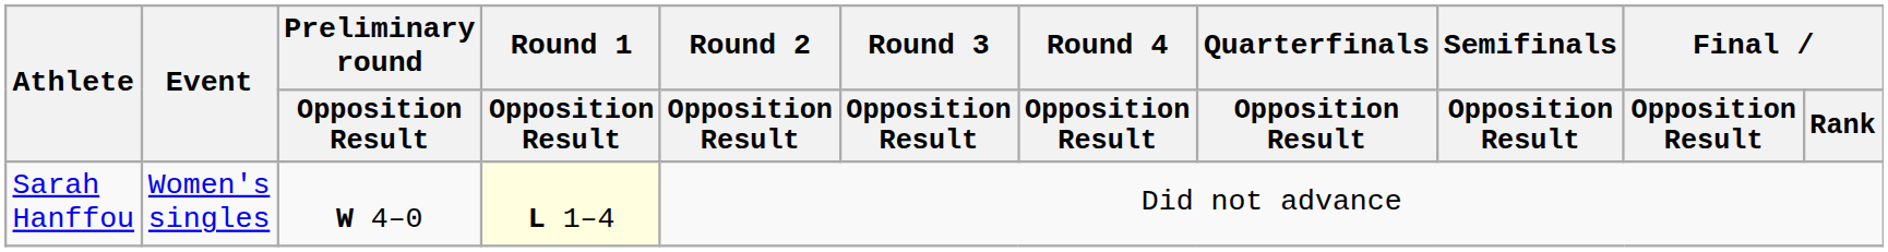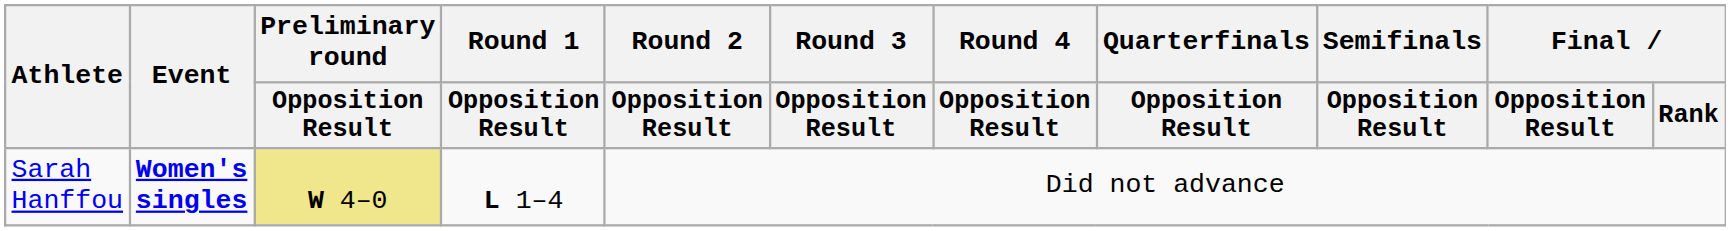 <table class="wikitable" style="font-size:90%">
 <tr>
 <th rowspan=2>Athlete</th>
 <th rowspan=2>Event</th>
 <th>Preliminary round</th>
 <th>Round 1</th>
 <th>Round 2</th>
 <th>Round 3</th>
 <th>Round 4</th>
 <th>Quarterfinals</th>
 <th>Semifinals</th>
 <th colspan=2>Final / </th>
 </tr>
 <tr style="font-size:95%">
 <th>Opposition<br>Result</th>
 <th>Opposition<br>Result</th>
 <th>Opposition<br>Result</th>
 <th>Opposition<br>Result</th>
 <th>Opposition<br>Result</th>
 <th>Opposition<br>Result</th>
 <th>Opposition<br>Result</th>
 <th>Opposition<br>Result</th>
 <th>Rank</th>
 </tr>
 <tr align=center>
 <td align=left><a href='#'>Sarah Hanffou</a></td>
-<td align=left><a href='#'>Women's singles</a></td>
-<td><br><strong>W</strong> 4–0</td>
-<td style="background: lightyellow;"><br><strong>L</strong> 1–4</td>
+<td align=left><strong><a href='#'>Women's singles</a></strong></td>
+<td style="background: khaki;"><br><strong>W</strong> 4–0</td>
+<td><br><strong>L</strong> 1–4</td>
 <td colspan=7>Did not advance</td>
 </tr>
 </table>
